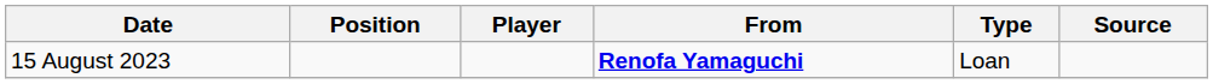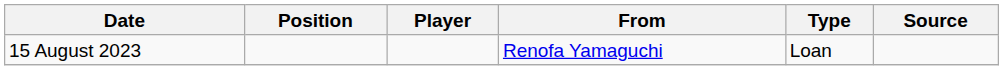 <table class="wikitable sortable" style="width:90%; text-align:center; font-size:95%; text-align:left;">
 <tr>
 <th>Date</th>
 <th>Position</th>
 <th>Player</th>
 <th>From</th>
 <th>Type</th>
 <th>Source</th>
 </tr>
 <tr>
 <td>15 August 2023</td>
 <td></td>
 <td></td>
-<td><strong> <a href='#'>Renofa Yamaguchi</a></strong></td>
+<td> <a href='#'>Renofa Yamaguchi</a></td>
 <td>Loan</td>
 <td></td>
 </tr>
 <tr>
 </tr>
 </table>
